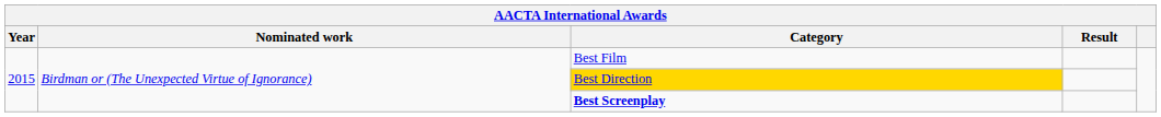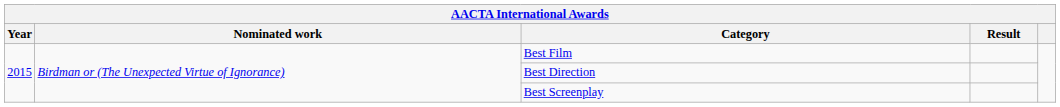 <table class="wikitable">
 <tr>
 <th colspan="5" style="text-align:center;"><a href='#'>AACTA International Awards</a></th>
 </tr>
 <tr>
 <th scope="col" style="width:1em;">Year</th>
 <th scope="col" style="width:39em;">Nominated work</th>
 <th scope="col" style="width:36em;">Category</th>
 <th scope="col" style="width:5em;">Result</th>
 <th scope="col" style="width:1em;"></th>
 </tr>
 <tr>
 <td rowspan="3"><a href='#'>2015</a></td>
 <td rowspan="3"><em><a href='#'>Birdman or (The Unexpected Virtue of Ignorance)</a></em></td>
 <td><a href='#'>Best Film</a></td>
 <td></td>
 <td style="text-align:center;" rowspan="3"></td>
 </tr>
 <tr>
-<td style="background: gold;"><a href='#'>Best Direction</a></td>
+<td><a href='#'>Best Direction</a></td>
 <td></td>
 </tr>
 <tr>
-<td><strong><a href='#'>Best Screenplay</a></strong></td>
+<td><a href='#'>Best Screenplay</a></td>
 <td></td>
 </tr>
 </table>
